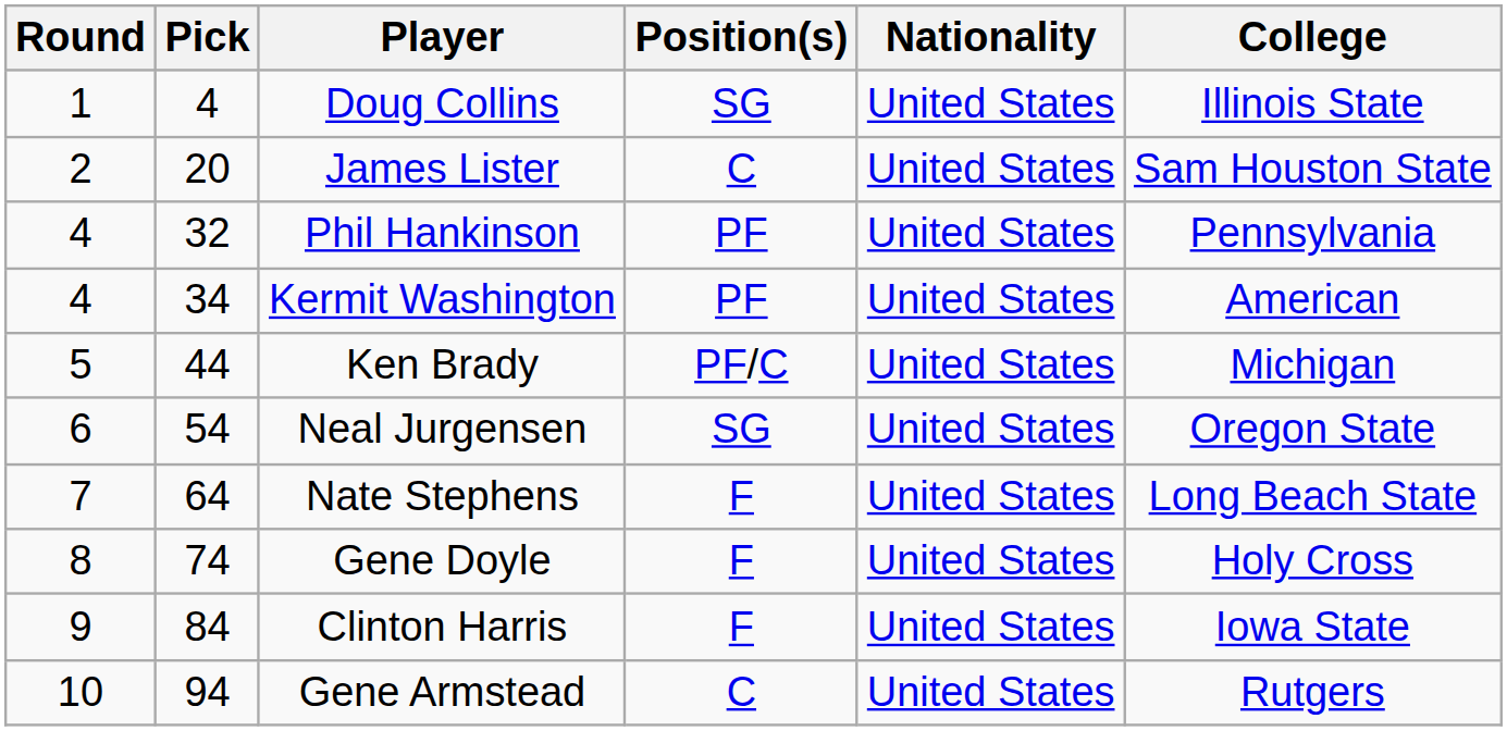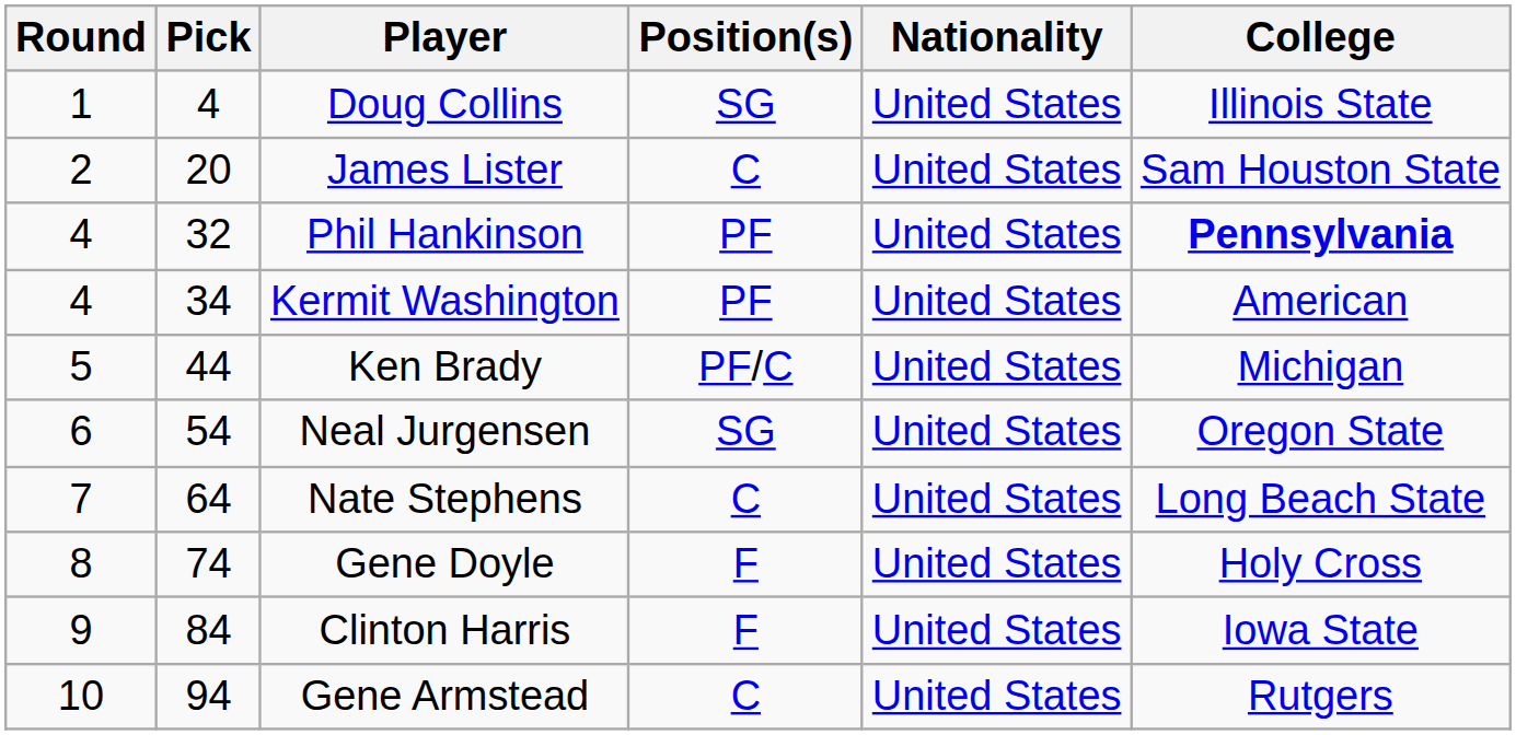 <table class="wikitable sortable sortable">
 <tr>
 <th>Round</th>
 <th>Pick</th>
 <th>Player</th>
 <th>Position(s)</th>
 <th>Nationality</th>
 <th>College</th>
 </tr>
 <tr style="text-align: center">
 <td>1</td>
 <td>4</td>
 <td><a href='#'>Doug Collins</a></td>
 <td><a href='#'>SG</a></td>
 <td> <a href='#'>United States</a></td>
 <td><a href='#'>Illinois State</a></td>
 </tr>
 <tr style="text-align: center">
 <td>2</td>
 <td>20</td>
 <td><a href='#'>James Lister</a></td>
 <td><a href='#'>C</a></td>
 <td> <a href='#'>United States</a></td>
 <td><a href='#'>Sam Houston State</a></td>
 </tr>
 <tr style="text-align: center">
 <td>4</td>
 <td>32</td>
 <td><a href='#'>Phil Hankinson</a></td>
 <td><a href='#'>PF</a></td>
 <td> <a href='#'>United States</a></td>
-<td><a href='#'>Pennsylvania</a></td>
+<td><strong><a href='#'>Pennsylvania</a></strong></td>
 </tr>
 <tr style="text-align: center">
 <td>4</td>
 <td>34</td>
 <td><a href='#'>Kermit Washington</a></td>
 <td><a href='#'>PF</a></td>
 <td> <a href='#'>United States</a></td>
 <td><a href='#'>American</a></td>
 </tr>
 <tr style="text-align: center">
 <td>5</td>
 <td>44</td>
 <td>Ken Brady</td>
 <td><a href='#'>PF</a>/<a href='#'>C</a></td>
 <td> <a href='#'>United States</a></td>
 <td><a href='#'>Michigan</a></td>
 </tr>
 <tr style="text-align: center">
 <td>6</td>
 <td>54</td>
 <td>Neal Jurgensen</td>
 <td><a href='#'>SG</a></td>
 <td> <a href='#'>United States</a></td>
 <td><a href='#'>Oregon State</a></td>
 </tr>
 <tr style="text-align: center">
 <td>7</td>
 <td>64</td>
 <td>Nate Stephens</td>
-<td><a href='#'>F</a></td>
+<td><a href='#'>C</a></td>
 <td> <a href='#'>United States</a></td>
 <td><a href='#'>Long Beach State</a></td>
 </tr>
 <tr style="text-align: center">
 <td>8</td>
 <td>74</td>
 <td>Gene Doyle</td>
 <td><a href='#'>F</a></td>
 <td> <a href='#'>United States</a></td>
 <td><a href='#'>Holy Cross</a></td>
 </tr>
 <tr style="text-align: center">
 <td>9</td>
 <td>84</td>
 <td>Clinton Harris</td>
 <td><a href='#'>F</a></td>
 <td> <a href='#'>United States</a></td>
 <td><a href='#'>Iowa State</a></td>
 </tr>
 <tr style="text-align: center">
 <td>10</td>
 <td>94</td>
 <td>Gene Armstead</td>
 <td><a href='#'>C</a></td>
 <td> <a href='#'>United States</a></td>
 <td><a href='#'>Rutgers</a></td>
 </tr>
 </table>
